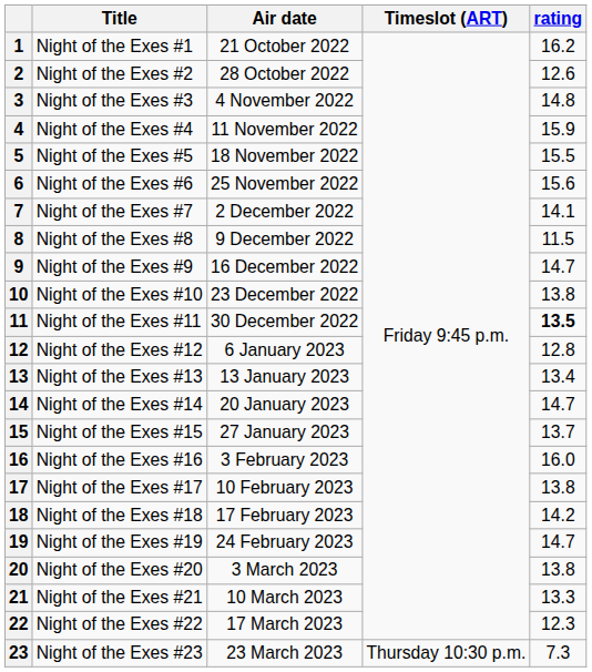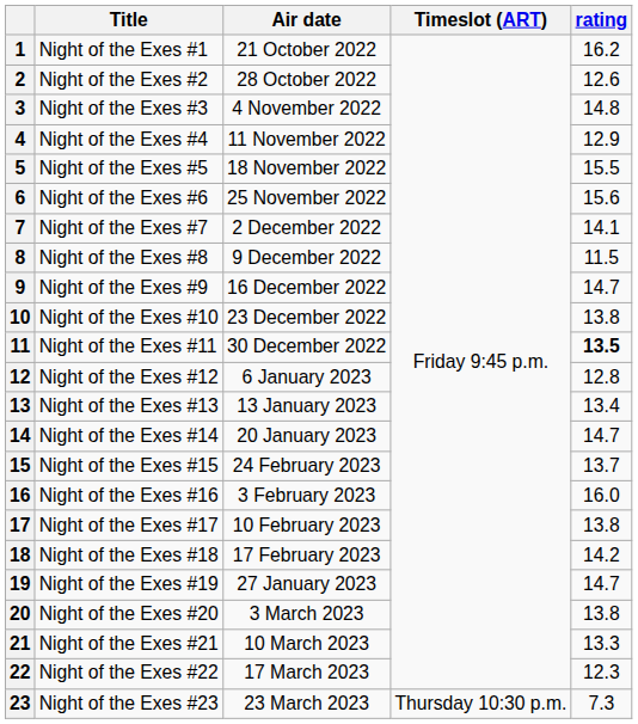 <table class="wikitable sortable plainrowheaders mw-collapsible mw-collapsed" style="text-align:center">
 <tr align="center">
 <th></th>
 <th>Title</th>
 <th>Air date</th>
 <th>Timeslot (<a href='#'>ART</a>)</th>
 <th> <a href='#'>rating</a></th>
 </tr>
 <tr>
 <th scope="row" style="text-align:center">1</th>
 <td style="text-align: left;">Night of the Exes #1</td>
 <td>21 October 2022</td>
 <td rowspan="22">Friday 9:45 p.m.</td>
 <td>16.2</td>
 </tr>
 <tr>
 <th scope="row" style="text-align:center">2</th>
 <td style="text-align: left;">Night of the Exes #2</td>
 <td>28 October 2022</td>
 <td>12.6</td>
 </tr>
 <tr>
 <th scope="row" style="text-align:center">3</th>
 <td style="text-align: left;">Night of the Exes #3</td>
 <td>4 November 2022</td>
 <td>14.8</td>
 </tr>
 <tr>
 <th scope="row" style="text-align:center">4</th>
 <td style="text-align: left;">Night of the Exes #4</td>
 <td>11 November 2022</td>
-<td>15.9</td>
+<td>12.9</td>
 </tr>
 <tr>
 <th scope="row" style="text-align:center">5</th>
 <td style="text-align: left;">Night of the Exes #5</td>
 <td>18 November 2022</td>
 <td>15.5</td>
 </tr>
 <tr>
 <th scope="row" style="text-align:center">6</th>
 <td style="text-align: left;">Night of the Exes #6</td>
 <td>25 November 2022</td>
 <td>15.6</td>
 </tr>
 <tr>
 <th scope="row" style="text-align:center">7</th>
 <td style="text-align: left;">Night of the Exes #7</td>
 <td>2 December 2022</td>
 <td>14.1</td>
 </tr>
 <tr>
 <th scope="row" style="text-align:center">8</th>
 <td style="text-align: left;">Night of the Exes #8</td>
 <td>9 December 2022</td>
 <td>11.5</td>
 </tr>
 <tr>
 <th scope="row" style="text-align:center">9</th>
 <td style="text-align: left;">Night of the Exes #9</td>
 <td>16 December 2022</td>
 <td>14.7</td>
 </tr>
 <tr>
 <th scope="row" style="text-align:center">10</th>
 <td style="text-align: left;">Night of the Exes #10</td>
 <td>23 December 2022</td>
 <td>13.8</td>
 </tr>
 <tr>
 <th scope="row" style="text-align:center">11</th>
 <td style="text-align: left;">Night of the Exes #11</td>
 <td>30 December 2022</td>
 <td><strong>13.5</strong></td>
 </tr>
 <tr>
 <th scope="row" style="text-align:center">12</th>
 <td style="text-align: left;">Night of the Exes #12</td>
 <td>6 January 2023</td>
 <td>12.8</td>
 </tr>
 <tr>
 <th scope="row" style="text-align:center">13</th>
 <td style="text-align: left;">Night of the Exes #13</td>
 <td>13 January 2023</td>
 <td>13.4</td>
 </tr>
 <tr>
 <th scope="row" style="text-align:center">14</th>
 <td style="text-align: left;">Night of the Exes #14</td>
 <td>20 January 2023</td>
 <td>14.7</td>
 </tr>
 <tr>
 <th scope="row" style="text-align:center">15</th>
 <td style="text-align: left;">Night of the Exes #15</td>
-<td>27 January 2023</td>
+<td>24 February 2023</td>
 <td>13.7</td>
 </tr>
 <tr>
 <th scope="row" style="text-align:center">16</th>
 <td style="text-align: left;">Night of the Exes #16</td>
 <td>3 February 2023</td>
 <td>16.0</td>
 </tr>
 <tr>
 <th scope="row" style="text-align:center">17</th>
 <td style="text-align: left;">Night of the Exes #17</td>
 <td>10 February 2023</td>
 <td>13.8</td>
 </tr>
 <tr>
 <th scope="row" style="text-align:center">18</th>
 <td style="text-align: left;">Night of the Exes #18</td>
 <td>17 February 2023</td>
 <td>14.2</td>
 </tr>
 <tr>
 <th scope="row" style="text-align:center">19</th>
 <td style="text-align: left;">Night of the Exes #19</td>
-<td>24 February 2023</td>
+<td>27 January 2023</td>
 <td>14.7</td>
 </tr>
 <tr>
 <th scope="row" style="text-align:center">20</th>
 <td style="text-align: left;">Night of the Exes #20</td>
 <td>3 March 2023</td>
 <td>13.8</td>
 </tr>
 <tr>
 <th scope="row" style="text-align:center">21</th>
 <td style="text-align: left;">Night of the Exes #21</td>
 <td>10 March 2023</td>
 <td>13.3</td>
 </tr>
 <tr>
 <th scope="row" style="text-align:center">22</th>
 <td style="text-align: left;">Night of the Exes #22</td>
 <td>17 March 2023</td>
 <td>12.3</td>
 </tr>
 <tr>
 <th scope="row" style="text-align:center">23</th>
 <td style="text-align: left;">Night of the Exes #23</td>
 <td>23 March 2023</td>
 <td>Thursday 10:30 p.m.</td>
 <td>7.3</td>
 </tr>
 </table>
